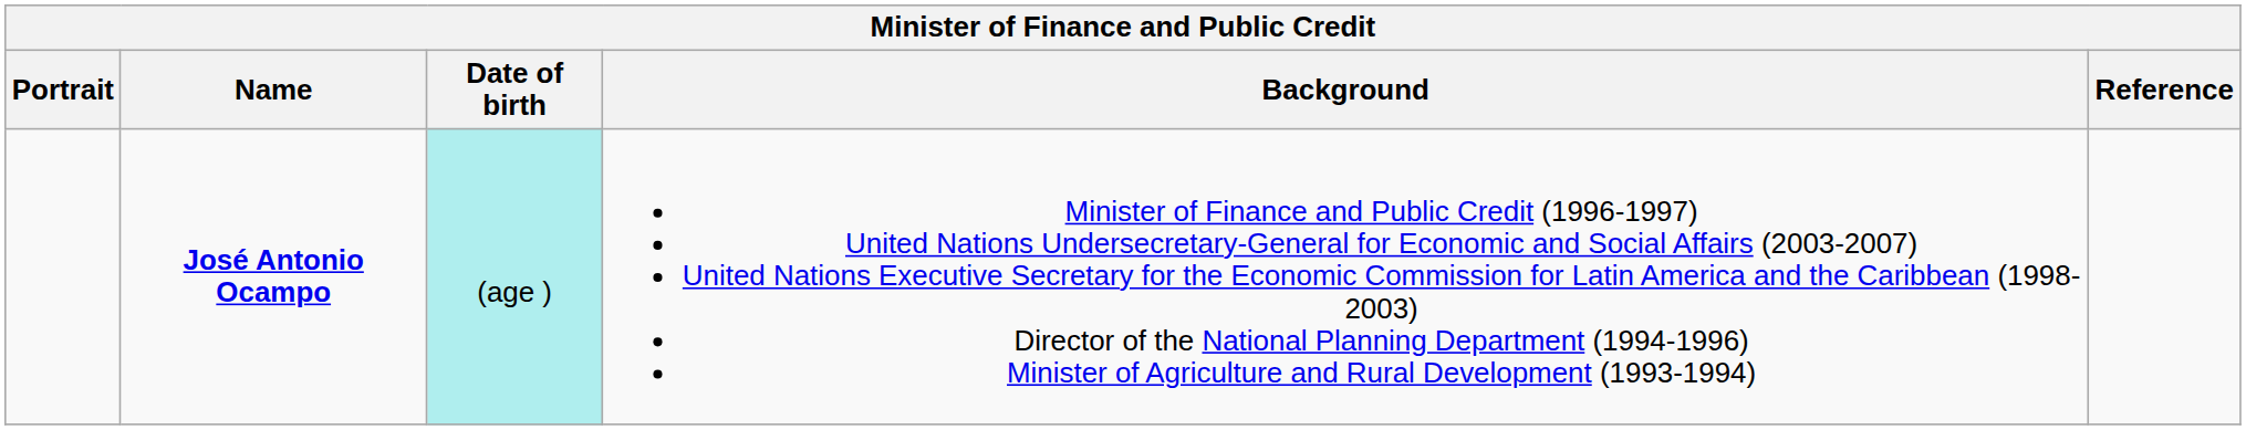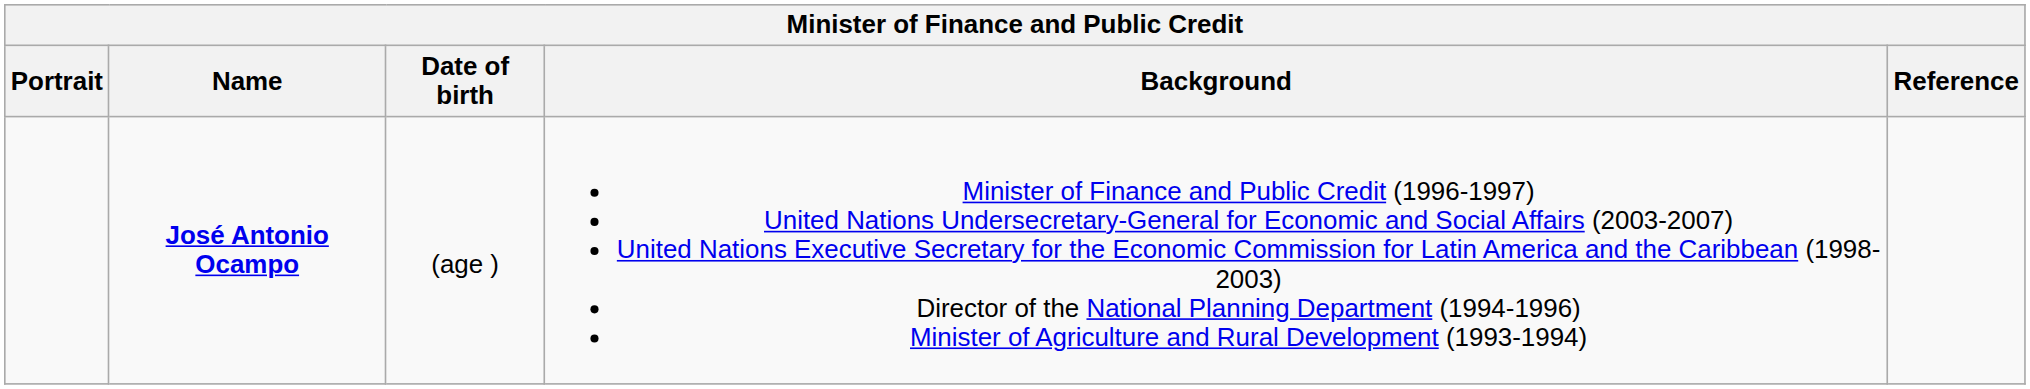 <table class="wikitable collapsible" style="text-align:center;">
 <tr>
 <th colspan="5">Minister of Finance and Public Credit</th>
 </tr>
 <tr>
 <th>Portrait</th>
 <th>Name</th>
 <th>Date of birth</th>
 <th>Background</th>
 <th>Reference</th>
 </tr>
 <tr>
 <td></td>
 <td><strong><a href='#'>José Antonio Ocampo</a></strong></td>
-<td style="background: paleturquoise;"><br>(age )</td>
+<td><br>(age )</td>
 <td><br><ul><li><a href='#'>Minister of Finance and Public Credit</a> (1996-1997)</li><li><a href='#'>United Nations Undersecretary-General for Economic and Social Affairs</a> (2003-2007)</li><li><a href='#'>United Nations Executive Secretary for the Economic Commission for Latin America and the Caribbean</a> (1998-2003)</li><li>Director of the <a href='#'>National Planning Department</a> (1994-1996)</li><li><a href='#'>Minister of Agriculture and Rural Development</a> (1993-1994)</li></ul></td>
 <td></td>
 </tr>
 </table>
